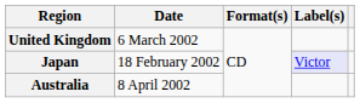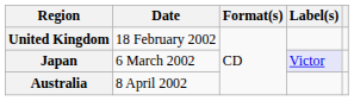 <table class="wikitable plainrowheaders">
 <tr>
 <th scope="col">Region</th>
 <th scope="col">Date</th>
 <th scope="col">Format(s)</th>
 <th scope="col">Label(s)</th>
 <th scope="col"></th>
 </tr>
 <tr>
 <th scope="row">United Kingdom</th>
-<td>6 March 2002</td>
+<td>18 February 2002</td>
 <td rowspan="3">CD</td>
 <td></td>
 <td></td>
 </tr>
 <tr>
 <th scope="row">Japan</th>
-<td>18 February 2002</td>
+<td>6 March 2002</td>
 <td style="background: lavender;"><a href='#'>Victor</a></td>
 <td></td>
 </tr>
 <tr>
 <th scope="row">Australia</th>
 <td>8 April 2002</td>
 <td></td>
 <td></td>
 </tr>
 </table>
